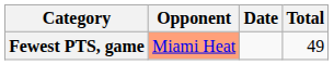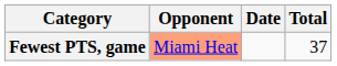 <table class="wikitable">
 <tr>
 <th scope="col">Category</th>
 <th scope="col">Opponent</th>
 <th scope="col">Date</th>
 <th scope="col">Total</th>
 </tr>
 <tr>
 <th scope="row">Fewest PTS, game</th>
 <td style="background: lightsalmon;"><a href='#'>Miami Heat</a></td>
 <td style="text-align:right"></td>
-<td style="text-align:right">49</td>
+<td style="text-align:right">37</td>
 </tr>
 </table>
